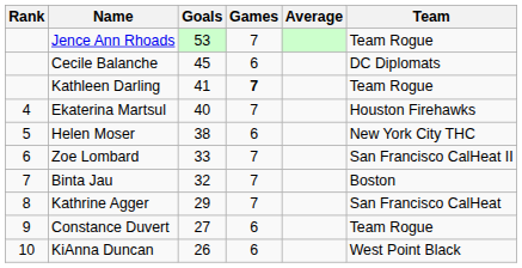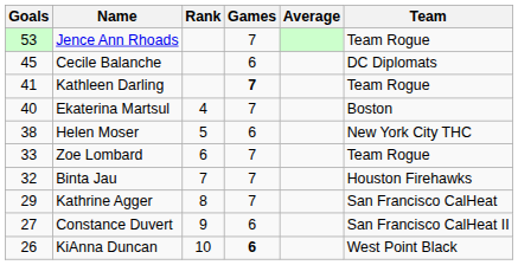 <table class="wikitable sortable"  style="text-align:center">
 <tr>
+<th>Goals</th>
+<th>Name</th>
 <th>Rank</th>
-<th>Name</th>
-<th>Goals</th>
 <th>Games</th>
 <th>Average</th>
 <th>Team</th>
 </tr>
 <tr>
+<td bgcolor=#ccffcc>53</td>
+<td align="left"><a href='#'>Jence Ann Rhoads</a></td>
 <td></td>
-<td align="left"><a href='#'>Jence Ann Rhoads</a></td>
-<td bgcolor=#ccffcc>53</td>
 <td>7</td>
 <td bgcolor=#ccffcc></td>
 <td align="left">Team Rogue</td>
 </tr>
 <tr>
+<td>45</td>
+<td align="left">Cecile Balanche</td>
 <td></td>
-<td align="left">Cecile Balanche</td>
-<td>45</td>
 <td>6</td>
 <td></td>
 <td align="left">DC Diplomats</td>
 </tr>
 <tr>
+<td>41</td>
+<td align="left">Kathleen Darling</td>
 <td></td>
-<td align="left">Kathleen Darling</td>
-<td>41</td>
 <td><strong>7</strong></td>
 <td></td>
 <td align="left">Team Rogue</td>
 </tr>
 <tr>
+<td>40</td>
+<td align="left">Ekaterina Martsul</td>
 <td align=center>4</td>
-<td align="left">Ekaterina Martsul</td>
-<td>40</td>
+<td>7</td>
+<td></td>
+<td align="left">Boston</td>
+</tr>
+<tr>
+<td>38</td>
+<td align="left">Helen Moser</td>
+<td align=center>5</td>
+<td>6</td>
+<td></td>
+<td align="left">New York City THC</td>
+</tr>
+<tr>
+<td>33</td>
+<td align="left">Zoe Lombard</td>
+<td align=center>6</td>
+<td>7</td>
+<td></td>
+<td align="left">Team Rogue</td>
+</tr>
+<tr>
+<td>32</td>
+<td align="left">Binta Jau</td>
+<td align=center>7</td>
 <td>7</td>
 <td></td>
 <td align="left">Houston Firehawks</td>
 </tr>
 <tr>
-<td align=center>5</td>
-<td align="left">Helen Moser</td>
-<td>38</td>
-<td>6</td>
-<td></td>
-<td align="left">New York City THC</td>
-</tr>
-<tr>
-<td align=center>6</td>
-<td align="left">Zoe Lombard</td>
-<td>33</td>
-<td>7</td>
-<td></td>
-<td align="left">San Francisco CalHeat II</td>
-</tr>
-<tr>
-<td align=center>7</td>
-<td align="left">Binta Jau</td>
-<td>32</td>
-<td>7</td>
-<td></td>
-<td align="left">Boston</td>
-</tr>
-<tr>
+<td>29</td>
+<td align="left">Kathrine Agger</td>
 <td align=center>8</td>
-<td align="left">Kathrine Agger</td>
-<td>29</td>
 <td>7</td>
 <td></td>
 <td align="left">San Francisco CalHeat</td>
 </tr>
 <tr>
+<td>27</td>
+<td align="left">Constance Duvert</td>
 <td align=center>9</td>
-<td align="left">Constance Duvert</td>
-<td>27</td>
 <td>6</td>
 <td></td>
-<td align="left">Team Rogue</td>
+<td align="left">San Francisco CalHeat II</td>
 </tr>
 <tr>
+<td>26</td>
+<td align="left">KiAnna Duncan</td>
 <td align=center>10</td>
-<td align="left">KiAnna Duncan</td>
-<td>26</td>
-<td>6</td>
+<td><strong>6</strong></td>
 <td></td>
 <td align="left">West Point Black</td>
 </tr>
 </table>
